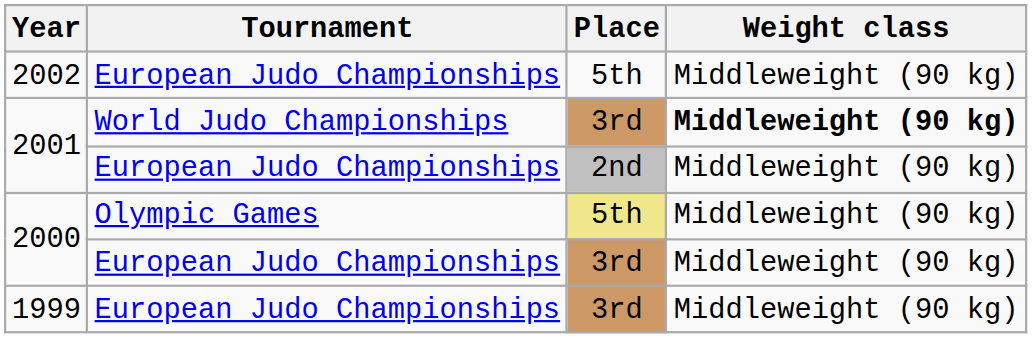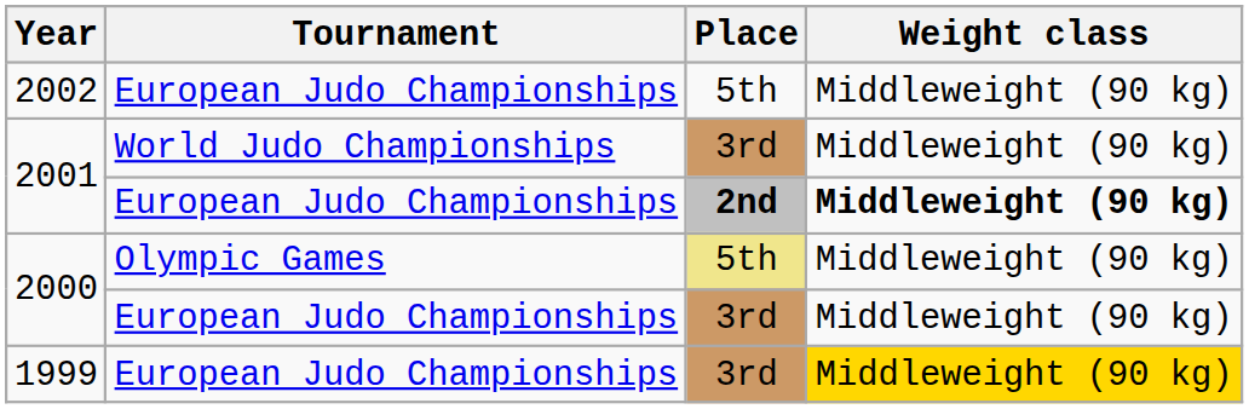 <table class=wikitable>
 <tr>
 <th>Year</th>
 <th>Tournament</th>
 <th>Place</th>
 <th>Weight class</th>
 </tr>
 <tr>
 <td>2002</td>
 <td><a href='#'>European Judo Championships</a></td>
 <td align="center">5th</td>
 <td>Middleweight (90 kg)</td>
 </tr>
 <tr>
 <td rowspan=2>2001</td>
 <td><a href='#'>World Judo Championships</a></td>
 <td bgcolor="cc9966" align="center">3rd</td>
-<td><strong>Middleweight (90 kg)</strong></td>
+<td>Middleweight (90 kg)</td>
 </tr>
 <tr>
 <td><a href='#'>European Judo Championships</a></td>
-<td bgcolor="silver" align="center">2nd</td>
-<td>Middleweight (90 kg)</td>
+<td bgcolor="silver" align="center"><strong>2nd</strong></td>
+<td><strong>Middleweight (90 kg)</strong></td>
 </tr>
 <tr>
 <td rowspan=2>2000</td>
 <td><a href='#'>Olympic Games</a></td>
 <td align="center" style="background: khaki;">5th</td>
 <td>Middleweight (90 kg)</td>
 </tr>
 <tr>
 <td><a href='#'>European Judo Championships</a></td>
 <td bgcolor="cc9966" align="center">3rd</td>
 <td>Middleweight (90 kg)</td>
 </tr>
 <tr>
 <td>1999</td>
 <td><a href='#'>European Judo Championships</a></td>
 <td bgcolor="cc9966" align="center">3rd</td>
-<td>Middleweight (90 kg)</td>
+<td style="background: gold;">Middleweight (90 kg)</td>
 </tr>
 </table>
